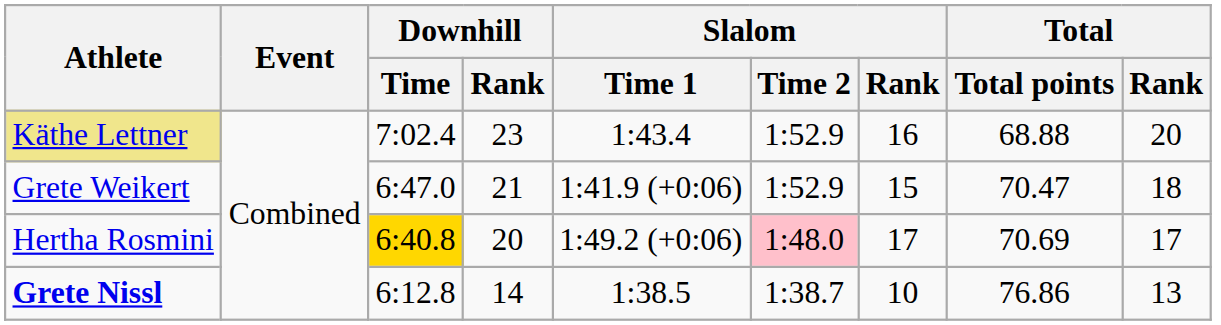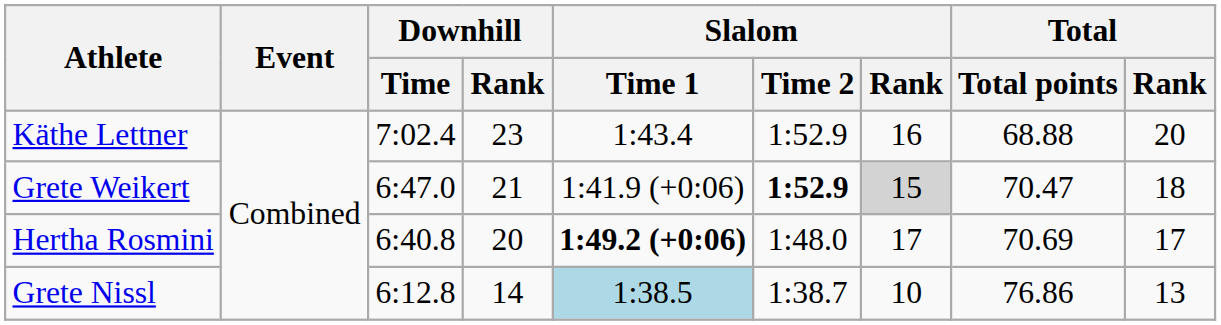 <table class="wikitable" style="font-size:90%">
 <tr>
 <th rowspan="2">Athlete</th>
 <th rowspan="2">Event</th>
 <th colspan="2">Downhill</th>
 <th colspan="3">Slalom</th>
 <th colspan="2">Total</th>
 </tr>
 <tr>
 <th>Time</th>
 <th>Rank</th>
 <th>Time 1</th>
 <th>Time 2</th>
 <th>Rank</th>
 <th>Total points</th>
 <th>Rank</th>
 </tr>
 <tr>
-<td style="background: khaki;"><a href='#'>Käthe Lettner</a></td>
+<td><a href='#'>Käthe Lettner</a></td>
 <td rowspan="4">Combined</td>
 <td align="center">7:02.4</td>
 <td align="center">23</td>
 <td align="center">1:43.4</td>
 <td align="center">1:52.9</td>
 <td align="center">16</td>
 <td align="center">68.88</td>
 <td align="center">20</td>
 </tr>
 <tr>
 <td><a href='#'>Grete Weikert</a></td>
 <td align="center">6:47.0</td>
 <td align="center">21</td>
 <td align="center">1:41.9 (+0:06)</td>
-<td align="center">1:52.9</td>
-<td align="center">15</td>
+<td align="center"><strong>1:52.9</strong></td>
+<td align="center" style="background: lightgrey;">15</td>
 <td align="center">70.47</td>
 <td align="center">18</td>
 </tr>
 <tr>
 <td><a href='#'>Hertha Rosmini</a></td>
-<td align="center" style="background: gold;">6:40.8</td>
+<td align="center">6:40.8</td>
 <td align="center">20</td>
-<td align="center">1:49.2 (+0:06)</td>
-<td align="center" style="background: pink;">1:48.0</td>
+<td align="center"><strong>1:49.2 (+0:06)</strong></td>
+<td align="center">1:48.0</td>
 <td align="center">17</td>
 <td align="center">70.69</td>
 <td align="center">17</td>
 </tr>
 <tr>
-<td><strong><a href='#'>Grete Nissl</a></strong></td>
+<td><a href='#'>Grete Nissl</a></td>
 <td align="center">6:12.8</td>
 <td align="center">14</td>
-<td align="center">1:38.5</td>
+<td align="center" style="background: lightblue;">1:38.5</td>
 <td align="center">1:38.7</td>
 <td align="center">10</td>
 <td align="center">76.86</td>
 <td align="center">13</td>
 </tr>
 </table>
